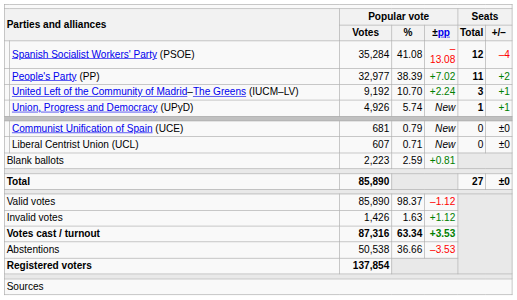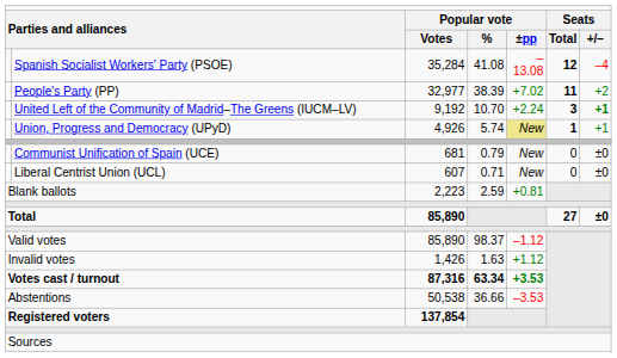 <table class="wikitable" style="text-align:right;">
 <tr>
 <td colspan="7"></td>
 </tr>
 <tr>
 <th style="text-align:left;" rowspan="2" colspan="2" width="525">Parties and alliances</th>
 <th colspan="3">Popular vote</th>
 <th colspan="2">Seats</th>
 </tr>
 <tr>
 <th width="75">Votes</th>
 <th width="45">%</th>
 <th width="45">±<a href='#'>pp</a></th>
 <th width="35">Total</th>
 <th width="35">+/−</th>
 </tr>
 <tr>
 <td width="1" style="color:inherit;background:"></td>
 <td align="left"><a href='#'>Spanish Socialist Workers' Party</a> (PSOE)</td>
 <td>35,284</td>
 <td>41.08</td>
 <td style="color:red;">–13.08</td>
 <td><strong>12</strong></td>
 <td style="color:red;">–4</td>
 </tr>
 <tr>
 <td style="color:inherit;background:"></td>
 <td align="left"><a href='#'>People's Party</a> (PP)</td>
 <td>32,977</td>
 <td>38.39</td>
 <td style="color:green;">+7.02</td>
 <td><strong>11</strong></td>
 <td style="color:green;">+2</td>
 </tr>
 <tr>
 <td style="color:inherit;background:"></td>
 <td align="left"><a href='#'>United Left of the Community of Madrid</a>–<a href='#'>The Greens</a> (IUCM–LV)</td>
 <td>9,192</td>
 <td>10.70</td>
 <td style="color:green;">+2.24</td>
 <td><strong>3</strong></td>
-<td style="color:green;">+1</td>
+<td style="color:green;"><strong>+1</strong></td>
 </tr>
 <tr>
 <td style="color:inherit;background:"></td>
 <td align="left"><a href='#'>Union, Progress and Democracy</a> (UPyD)</td>
 <td>4,926</td>
 <td>5.74</td>
-<td><em>New</em></td>
+<td style="background: khaki;"><em>New</em></td>
 <td><strong>1</strong></td>
 <td style="color:green;">+1</td>
 </tr>
 <tr>
 <td colspan="7" bgcolor="#C0C0C0"></td>
 </tr>
 <tr>
 <td style="color:inherit;background:"></td>
 <td align="left"><a href='#'>Communist Unification of Spain</a> (UCE)</td>
 <td>681</td>
 <td>0.79</td>
 <td><em>New</em></td>
 <td>0</td>
 <td>±0</td>
 </tr>
 <tr>
 <td style="color:inherit;background:"></td>
 <td align="left">Liberal Centrist Union (UCL)</td>
 <td>607</td>
 <td>0.71</td>
 <td><em>New</em></td>
 <td>0</td>
 <td>±0</td>
 </tr>
 <tr>
 <td align="left" colspan="2">Blank ballots</td>
 <td>2,223</td>
 <td>2.59</td>
 <td style="color:green;">+0.81</td>
 <td bgcolor="#E9E9E9" colspan="2"></td>
 </tr>
 <tr>
 <td colspan="7" bgcolor="#E9E9E9"></td>
 </tr>
 <tr style="font-weight:bold;">
 <td align="left" colspan="2">Total</td>
 <td>85,890</td>
 <td bgcolor="#E9E9E9" colspan="2"></td>
 <td>27</td>
 <td>±0</td>
 </tr>
 <tr>
 <td colspan="7" bgcolor="#E9E9E9"></td>
 </tr>
 <tr>
 <td align="left" colspan="2">Valid votes</td>
 <td>85,890</td>
 <td>98.37</td>
 <td style="color:red;">–1.12</td>
 <td bgcolor="#E9E9E9" colspan="2" rowspan="5"></td>
 </tr>
 <tr>
 <td align="left" colspan="2">Invalid votes</td>
 <td>1,426</td>
 <td>1.63</td>
 <td style="color:green;">+1.12</td>
 </tr>
 <tr style="font-weight:bold;">
 <td align="left" colspan="2">Votes cast / turnout</td>
 <td>87,316</td>
 <td>63.34</td>
 <td style="color:green;">+3.53</td>
 </tr>
 <tr>
 <td align="left" colspan="2">Abstentions</td>
 <td>50,538</td>
 <td>36.66</td>
 <td style="color:red;">–3.53</td>
 </tr>
 <tr style="font-weight:bold;">
 <td align="left" colspan="2">Registered voters</td>
 <td>137,854</td>
 <td bgcolor="#E9E9E9" colspan="2"></td>
 </tr>
 <tr>
 <td colspan="7" bgcolor="#E9E9E9"></td>
 </tr>
 <tr>
 <td align="left" colspan="7">Sources</td>
 </tr>
 </table>
